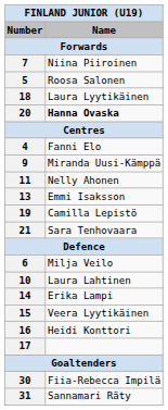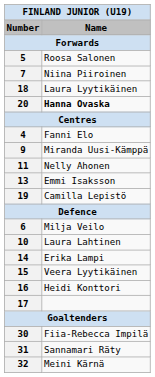 <table class="wikitable" style="text-align:left; font-size:90%;">
 <tr>
 <th style=background:#CEE0F2 colspan=2>FINLAND JUNIOR (U19)</th>
 </tr>
 <tr>
 <th style="background:silver;">Number</th>
 <th style="background:silver;">Name</th>
 </tr>
 <tr>
 <th style=background:#CEE0F2 colspan=2>Forwards</th>
 </tr>
 <tr>
+<th>5</th>
+<td>Roosa Salonen</td>
+</tr>
+<tr>
 <th>7</th>
 <td>Niina Piiroinen</td>
-</tr>
-<tr>
-<th>5</th>
-<td>Roosa Salonen</td>
 </tr>
 <tr>
 <th>18</th>
 <td>Laura Lyytikäinen</td>
 </tr>
 <tr>
 <th>20</th>
 <td><strong>Hanna Ovaska</strong></td>
 </tr>
 <tr>
 <th style=background:#CEE0F2 colspan=2>Centres</th>
 </tr>
 <tr>
 <th>4</th>
 <td>Fanni Elo</td>
 </tr>
 <tr>
 <th>9</th>
 <td>Miranda Uusi-Kämppä</td>
 </tr>
 <tr>
 <th>11</th>
 <td>Nelly Ahonen</td>
 </tr>
 <tr>
 <th>13</th>
 <td>Emmi Isaksson</td>
 </tr>
 <tr>
 <th>19</th>
 <td>Camilla Lepistö</td>
-</tr>
-<tr>
-<th>21</th>
-<td>Sara Tenhovaara</td>
 </tr>
 <tr>
 <th style=background:#CEE0F2 colspan=2>Defence</th>
 </tr>
 <tr>
 <th>6</th>
 <td>Milja Veilo</td>
 </tr>
 <tr>
 <th>10</th>
 <td>Laura Lahtinen</td>
 </tr>
 <tr>
 <th>14</th>
 <td>Erika Lampi</td>
 </tr>
 <tr>
 <th>15</th>
 <td>Veera Lyytikäinen</td>
 </tr>
 <tr>
 <th>16</th>
 <td>Heidi Konttori</td>
 </tr>
 <tr>
 <th>17</th>
 <td></td>
 </tr>
 <tr>
 <th style=background:#CEE0F2 colspan=2>Goaltenders</th>
 </tr>
 <tr>
 <th>30</th>
 <td>Fiia-Rebecca Impilä</td>
 </tr>
 <tr>
 <th>31</th>
 <td>Sannamari Räty</td>
 </tr>
+<tr>
+<th>32</th>
+<td>Meini Kärnä</td>
+</tr>
 </table>
